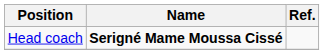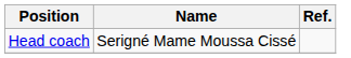 <table class="wikitable">
 <tr>
 <th>Position</th>
 <th>Name</th>
 <th>Ref.</th>
 </tr>
 <tr>
 <td><a href='#'>Head coach</a></td>
-<td><strong> Serigné Mame Moussa Cissé</strong></td>
+<td> Serigné Mame Moussa Cissé</td>
 <td></td>
 </tr>
 <tr>
 </tr>
 </table>
